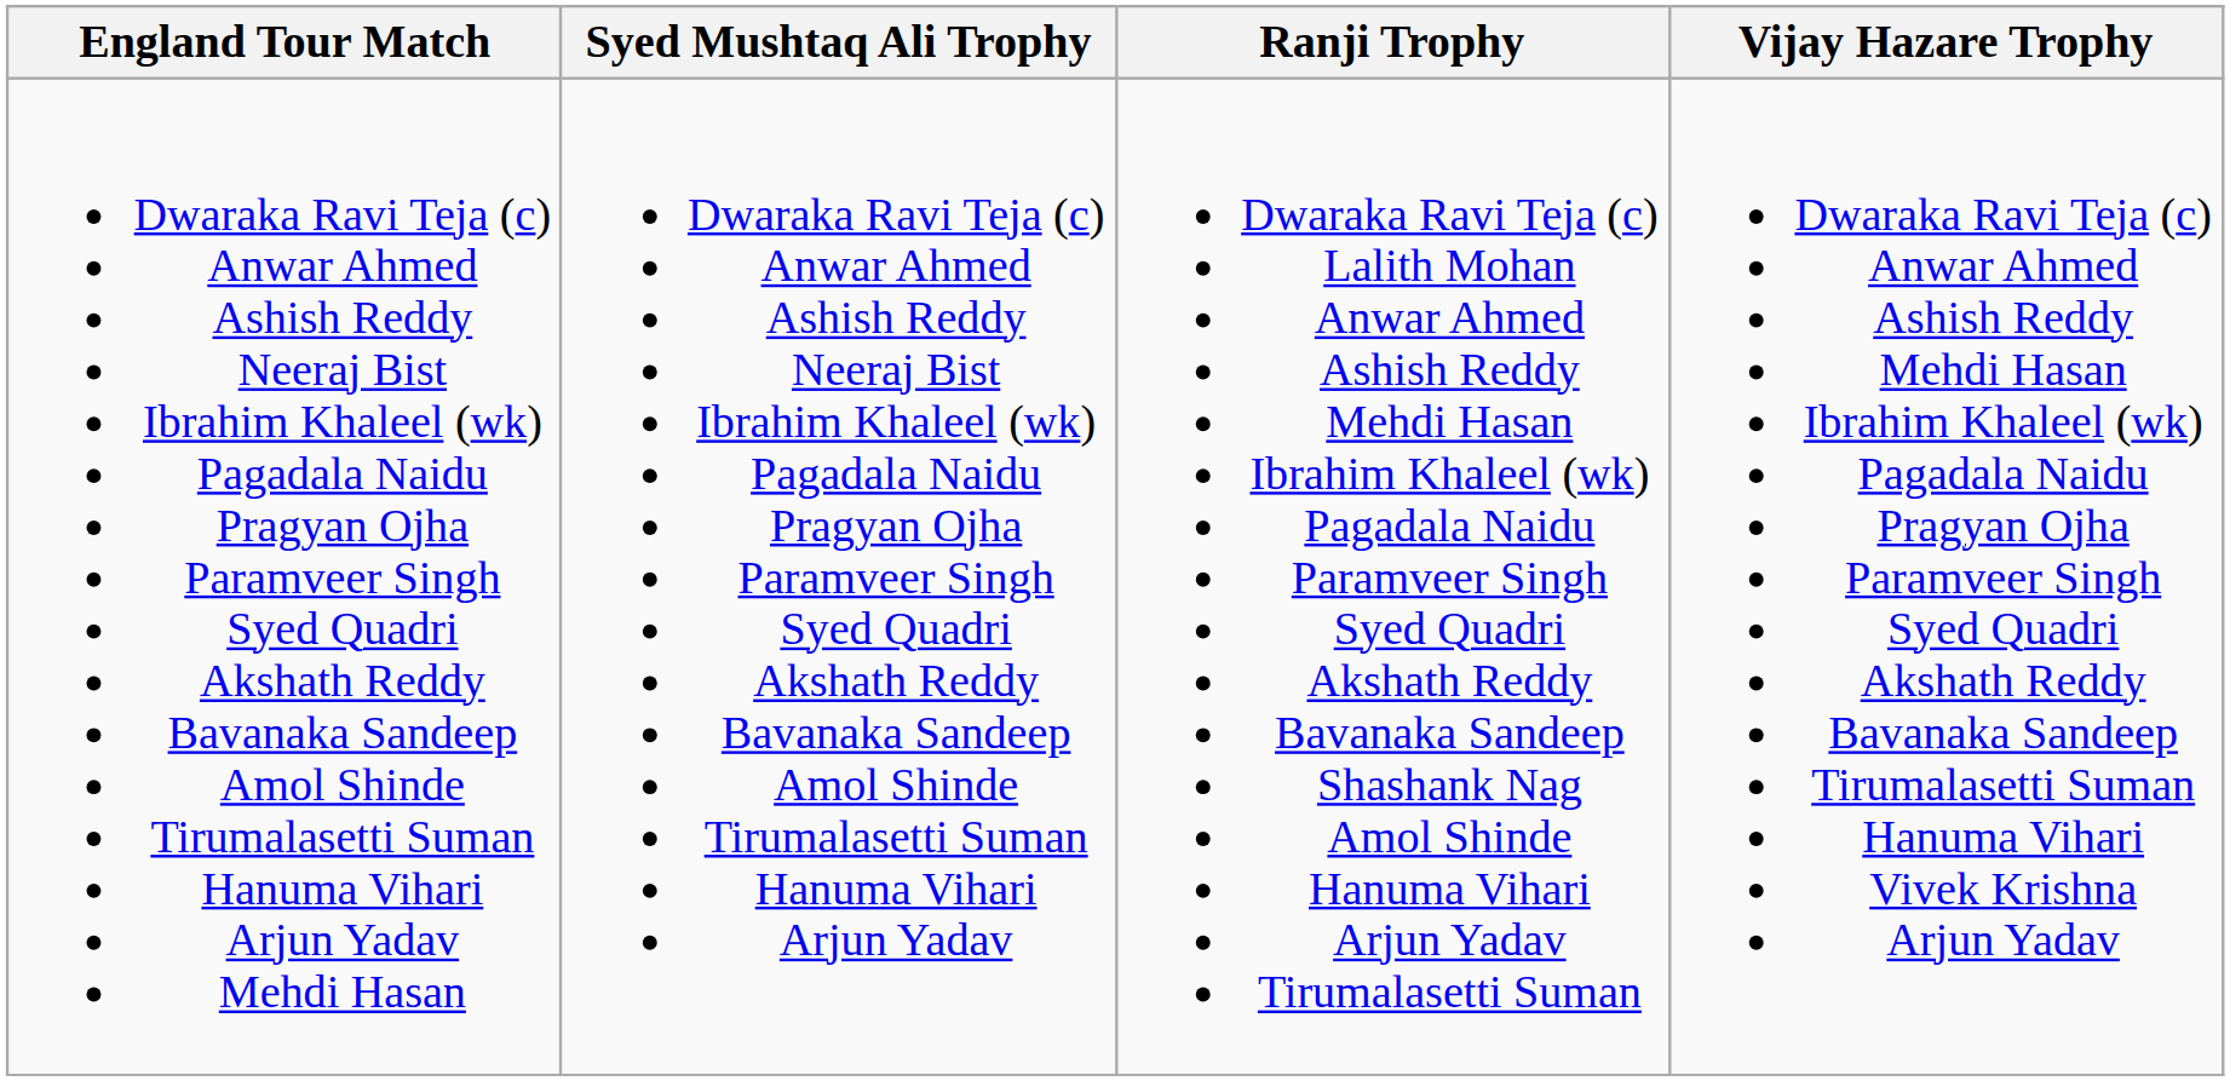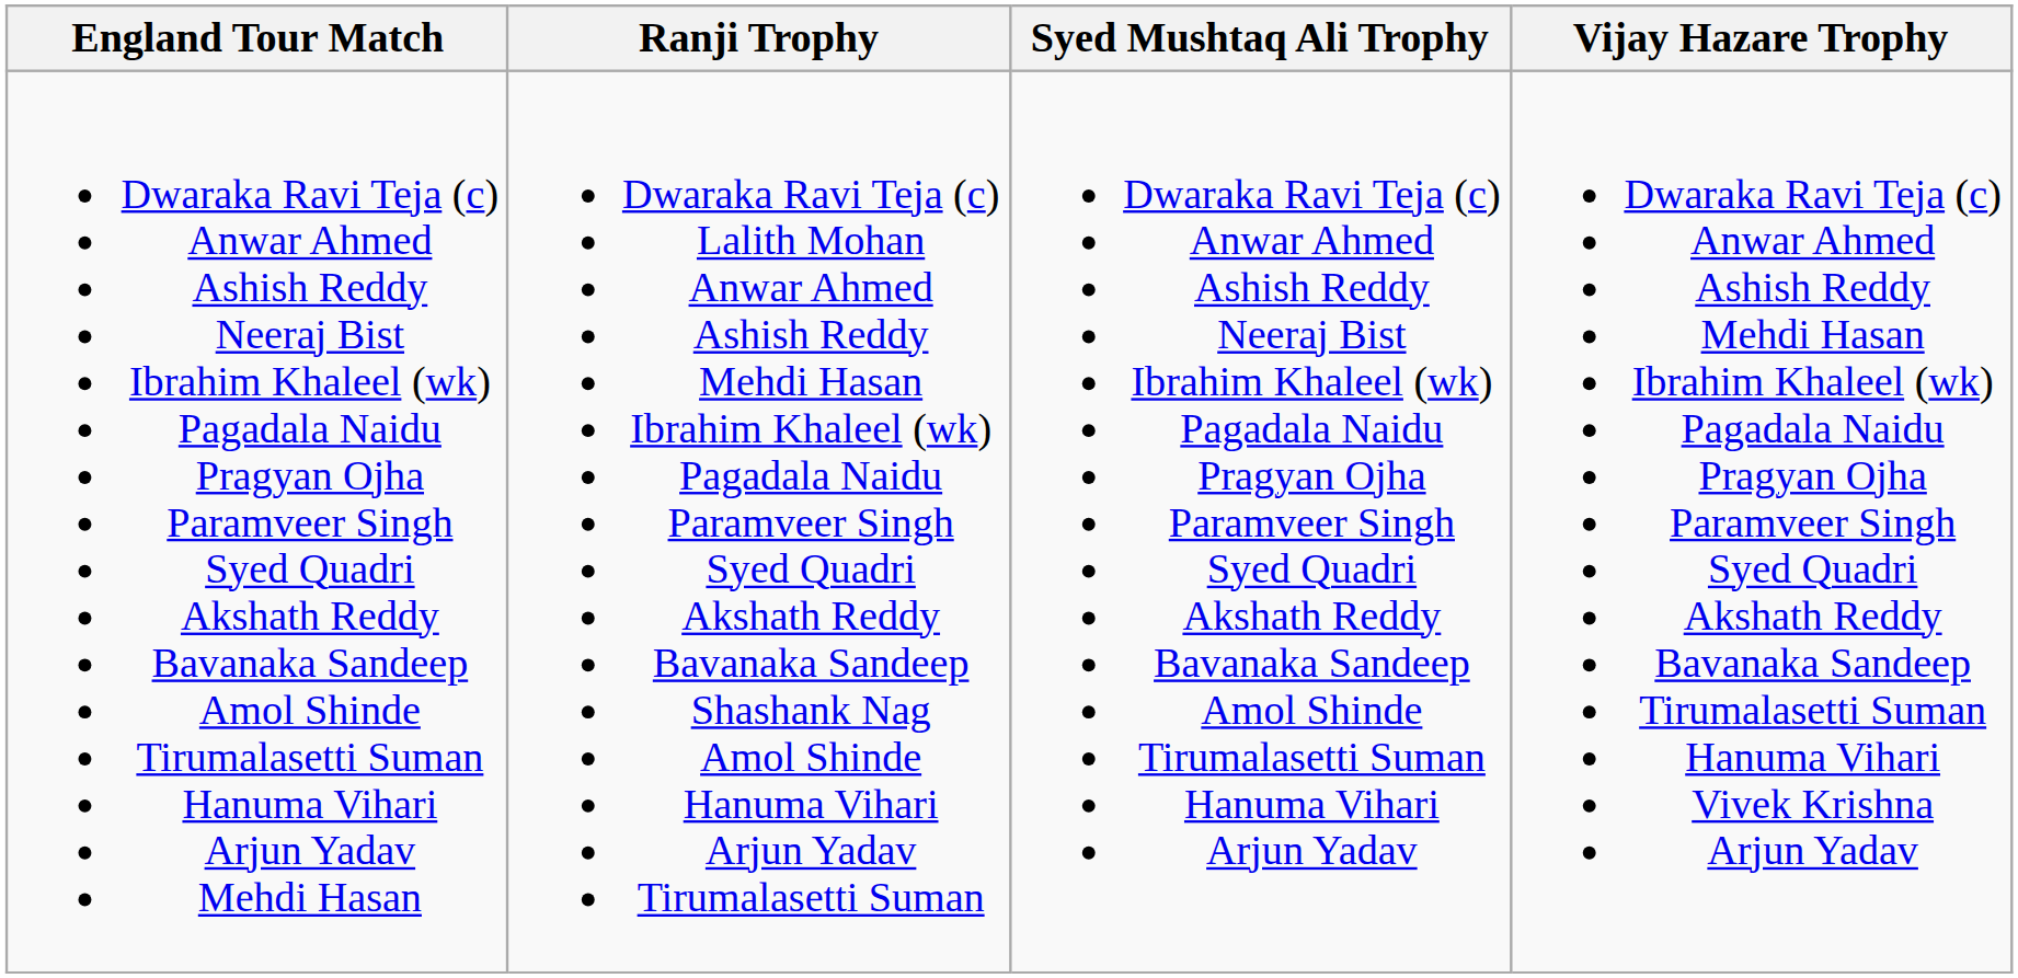 <table class="wikitable" style="text-align:center; margin:auto">
 <tr>
 <th>England Tour Match</th>
+<th>Ranji Trophy</th>
 <th>Syed Mushtaq Ali Trophy</th>
-<th>Ranji Trophy</th>
 <th>Vijay Hazare Trophy</th>
 </tr>
 <tr style="vertical-align:top">
 <td><br><ul><li><a href='#'>Dwaraka Ravi Teja</a> (<a href='#'>c</a>)</li><li><a href='#'>Anwar Ahmed</a></li><li><a href='#'>Ashish Reddy</a></li><li><a href='#'>Neeraj Bist</a></li><li><a href='#'>Ibrahim Khaleel</a> (<a href='#'>wk</a>)</li><li><a href='#'>Pagadala Naidu</a></li><li><a href='#'>Pragyan Ojha</a></li><li><a href='#'>Paramveer Singh</a></li><li><a href='#'>Syed Quadri</a></li><li><a href='#'>Akshath Reddy</a></li><li><a href='#'>Bavanaka Sandeep</a></li><li><a href='#'>Amol Shinde</a></li><li><a href='#'>Tirumalasetti Suman</a></li><li><a href='#'>Hanuma Vihari</a></li><li><a href='#'>Arjun Yadav</a></li><li><a href='#'>Mehdi Hasan</a></li></ul></td>
+<td><br><ul><li><a href='#'>Dwaraka Ravi Teja</a> (<a href='#'>c</a>)</li><li><a href='#'>Lalith Mohan</a></li><li><a href='#'>Anwar Ahmed</a></li><li><a href='#'>Ashish Reddy</a></li><li><a href='#'>Mehdi Hasan</a></li><li><a href='#'>Ibrahim Khaleel</a> (<a href='#'>wk</a>)</li><li><a href='#'>Pagadala Naidu</a></li><li><a href='#'>Paramveer Singh</a></li><li><a href='#'>Syed Quadri</a></li><li><a href='#'>Akshath Reddy</a></li><li><a href='#'>Bavanaka Sandeep</a></li><li><a href='#'>Shashank Nag</a></li><li><a href='#'>Amol Shinde</a></li><li><a href='#'>Hanuma Vihari</a></li><li><a href='#'>Arjun Yadav</a></li><li><a href='#'>Tirumalasetti Suman</a></li></ul></td>
 <td><br><ul><li><a href='#'>Dwaraka Ravi Teja</a> (<a href='#'>c</a>)</li><li><a href='#'>Anwar Ahmed</a></li><li><a href='#'>Ashish Reddy</a></li><li><a href='#'>Neeraj Bist</a></li><li><a href='#'>Ibrahim Khaleel</a> (<a href='#'>wk</a>)</li><li><a href='#'>Pagadala Naidu</a></li><li><a href='#'>Pragyan Ojha</a></li><li><a href='#'>Paramveer Singh</a></li><li><a href='#'>Syed Quadri</a></li><li><a href='#'>Akshath Reddy</a></li><li><a href='#'>Bavanaka Sandeep</a></li><li><a href='#'>Amol Shinde</a></li><li><a href='#'>Tirumalasetti Suman</a></li><li><a href='#'>Hanuma Vihari</a></li><li><a href='#'>Arjun Yadav</a></li></ul></td>
-<td><br><ul><li><a href='#'>Dwaraka Ravi Teja</a> (<a href='#'>c</a>)</li><li><a href='#'>Lalith Mohan</a></li><li><a href='#'>Anwar Ahmed</a></li><li><a href='#'>Ashish Reddy</a></li><li><a href='#'>Mehdi Hasan</a></li><li><a href='#'>Ibrahim Khaleel</a> (<a href='#'>wk</a>)</li><li><a href='#'>Pagadala Naidu</a></li><li><a href='#'>Paramveer Singh</a></li><li><a href='#'>Syed Quadri</a></li><li><a href='#'>Akshath Reddy</a></li><li><a href='#'>Bavanaka Sandeep</a></li><li><a href='#'>Shashank Nag</a></li><li><a href='#'>Amol Shinde</a></li><li><a href='#'>Hanuma Vihari</a></li><li><a href='#'>Arjun Yadav</a></li><li><a href='#'>Tirumalasetti Suman</a></li></ul></td>
 <td><br><ul><li><a href='#'>Dwaraka Ravi Teja</a> (<a href='#'>c</a>)</li><li><a href='#'>Anwar Ahmed</a></li><li><a href='#'>Ashish Reddy</a></li><li><a href='#'>Mehdi Hasan</a></li><li><a href='#'>Ibrahim Khaleel</a> (<a href='#'>wk</a>)</li><li><a href='#'>Pagadala Naidu</a></li><li><a href='#'>Pragyan Ojha</a></li><li><a href='#'>Paramveer Singh</a></li><li><a href='#'>Syed Quadri</a></li><li><a href='#'>Akshath Reddy</a></li><li><a href='#'>Bavanaka Sandeep</a></li><li><a href='#'>Tirumalasetti Suman</a></li><li><a href='#'>Hanuma Vihari</a></li><li><a href='#'>Vivek Krishna</a></li><li><a href='#'>Arjun Yadav</a></li></ul></td>
 </tr>
 </table>
